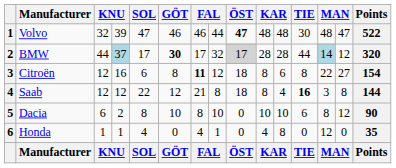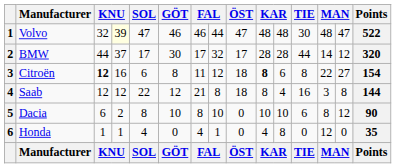 <table class="wikitable" style="font-size:85%; text-align:center;">
 <tr valign="top">
 <th valign="middle"></th>
 <th valign="middle">Manufacturer</th>
 <th colspan="2"><a href='#'>KNU</a></th>
 <th><a href='#'>SOL</a></th>
 <th><a href='#'>GÖT</a></th>
 <th colspan="2"><a href='#'>FAL</a></th>
 <th><a href='#'>ÖST</a></th>
 <th colspan="2"><a href='#'>KAR</a></th>
 <th><a href='#'>TIE</a></th>
 <th colspan="2"><a href='#'>MAN</a></th>
 <th valign="middle">Points</th>
 </tr>
 <tr>
 <th>1</th>
 <td align="left"><a href='#'>Volvo</a></td>
 <td>32</td>
-<td>39</td>
+<td style="background: lightyellow;">39</td>
 <td>47</td>
 <td>46</td>
 <td>46</td>
 <td>44</td>
-<td><strong>47</strong></td>
+<td>47</td>
 <td>48</td>
 <td>48</td>
 <td>30</td>
 <td>48</td>
 <td>47</td>
 <th>522</th>
 </tr>
 <tr>
 <th>2</th>
 <td align="left"><a href='#'>BMW</a></td>
 <td>44</td>
-<td style="background: lightblue;">37</td>
+<td>37</td>
 <td>17</td>
-<td><strong>30</strong></td>
+<td>30</td>
 <td>17</td>
 <td>32</td>
-<td style="background: lightgrey;">17</td>
+<td>17</td>
 <td>28</td>
 <td>28</td>
 <td>44</td>
-<td style="background: lightblue;">14</td>
+<td>14</td>
 <td>12</td>
 <th>320</th>
 </tr>
 <tr>
 <th>3</th>
 <td align="left"><a href='#'>Citroën</a></td>
-<td>12</td>
+<td><strong>12</strong></td>
 <td>16</td>
 <td>6</td>
 <td>8</td>
-<td><strong>11</strong></td>
+<td>11</td>
 <td>12</td>
 <td>18</td>
-<td>8</td>
+<td><strong>8</strong></td>
 <td>6</td>
 <td>8</td>
 <td>22</td>
 <td>27</td>
 <th>154</th>
 </tr>
 <tr>
 <th>4</th>
 <td align="left"><a href='#'>Saab</a></td>
 <td>12</td>
 <td>12</td>
 <td>22</td>
 <td>12</td>
 <td>21</td>
 <td>8</td>
 <td>18</td>
 <td>8</td>
 <td>4</td>
-<td><strong>16</strong></td>
+<td>16</td>
 <td>3</td>
 <td>8</td>
 <th>144</th>
 </tr>
 <tr>
 <th>5</th>
 <td align="left"><a href='#'>Dacia</a></td>
 <td>6</td>
 <td>2</td>
 <td>8</td>
 <td>10</td>
 <td>8</td>
 <td>10</td>
 <td>0</td>
 <td>10</td>
 <td>10</td>
 <td>6</td>
 <td>8</td>
 <td>12</td>
 <th>90</th>
 </tr>
 <tr>
 <th>6</th>
 <td align="left"><a href='#'>Honda</a></td>
 <td>1</td>
 <td>1</td>
 <td>4</td>
 <td>0</td>
 <td>4</td>
 <td>1</td>
 <td>0</td>
 <td>4</td>
 <td>8</td>
 <td>0</td>
 <td>12</td>
 <td>0</td>
 <th>35</th>
 </tr>
 <tr valign="top">
 <th valign="middle"></th>
 <th valign="middle">Manufacturer</th>
 <th colspan="2"><a href='#'>KNU</a></th>
 <th><a href='#'>SOL</a></th>
 <th><a href='#'>GÖT</a></th>
 <th colspan="2"><a href='#'>FAL</a></th>
 <th><a href='#'>ÖST</a></th>
 <th colspan="2"><a href='#'>KAR</a></th>
 <th><a href='#'>TIE</a></th>
 <th colspan="2"><a href='#'>MAN</a></th>
 <th valign="middle">Points</th>
 </tr>
 </table>
